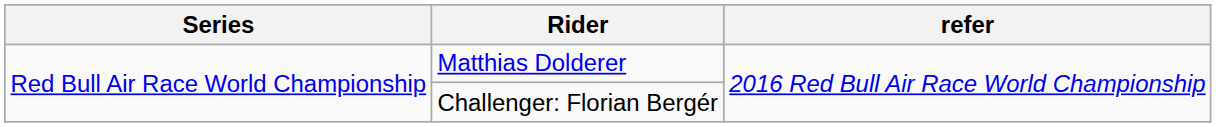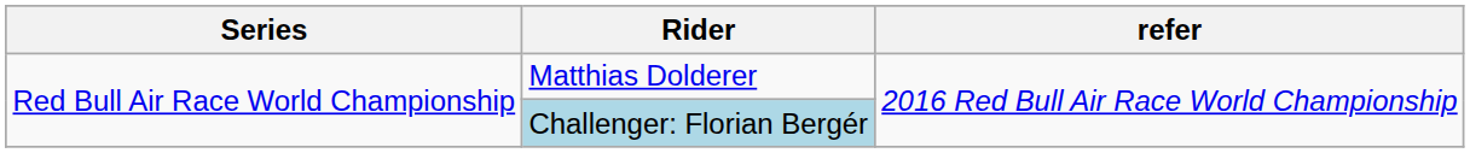 <table class="wikitable" style="font-size: 87%;">
 <tr>
 <th>Series</th>
 <th>Rider</th>
 <th>refer</th>
 </tr>
 <tr>
 <td rowspan="2"><a href='#'>Red Bull Air Race World Championship</a></td>
 <td> <a href='#'>Matthias Dolderer</a></td>
 <td rowspan="2"><em><a href='#'>2016 Red Bull Air Race World Championship</a></em></td>
 </tr>
 <tr>
-<td>Challenger:  Florian Bergér</td>
+<td style="background: lightblue;">Challenger:  Florian Bergér</td>
 </tr>
 </table>
